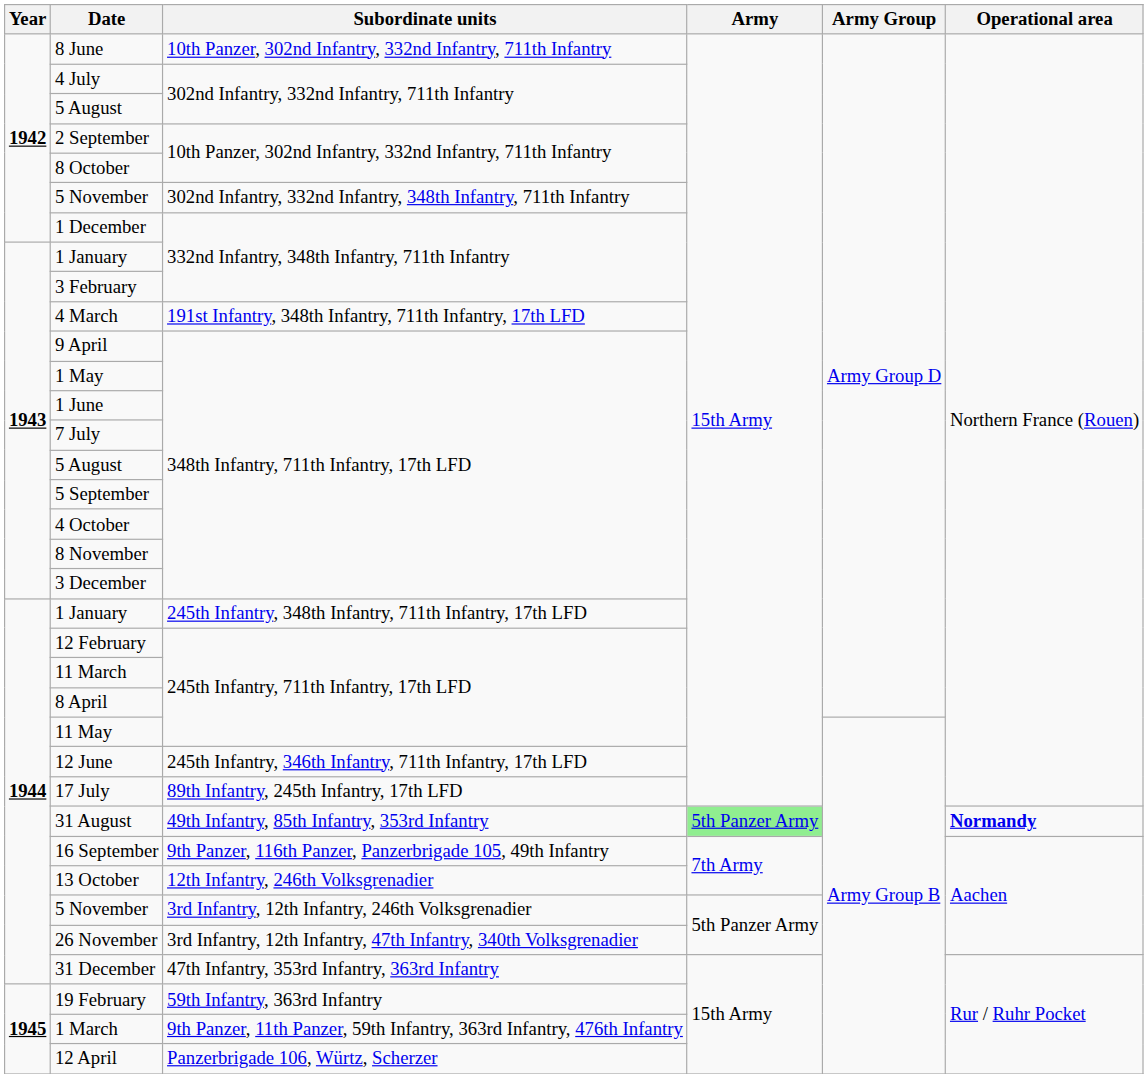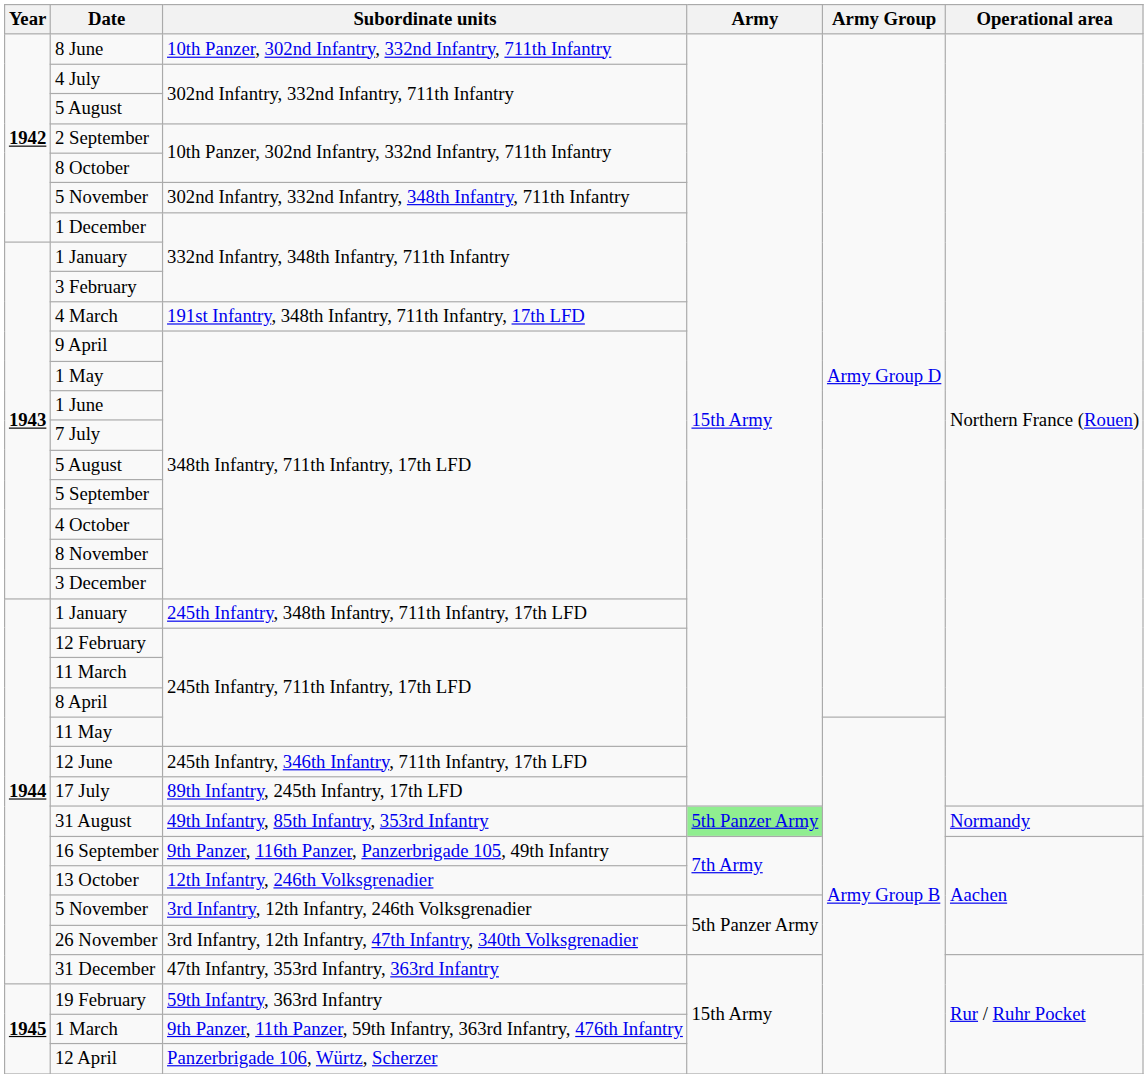 <table class="wikitable">
 <tr>
 <th>Year</th>
 <th>Date</th>
 <th>Subordinate units</th>
 <th>Army</th>
 <th>Army Group</th>
 <th>Operational area</th>
 </tr>
 <tr>
 <td rowspan="7"><strong><u>1942</u></strong></td>
 <td>8 June</td>
 <td><a href='#'>10th Panzer</a>, <a href='#'>302nd Infantry</a>, <a href='#'>332nd Infantry</a>, <a href='#'>711th Infantry</a></td>
 <td rowspan="26"><a href='#'>15th Army</a></td>
 <td rowspan="23"><a href='#'>Army Group D</a></td>
 <td rowspan="26">Northern France (<a href='#'>Rouen</a>)</td>
 </tr>
 <tr>
 <td>4 July</td>
 <td rowspan="2">302nd Infantry, 332nd Infantry, 711th Infantry</td>
 </tr>
 <tr>
 <td>5 August</td>
 </tr>
 <tr>
 <td>2 September</td>
 <td rowspan="2">10th Panzer, 302nd Infantry, 332nd Infantry, 711th Infantry</td>
 </tr>
 <tr>
 <td>8 October</td>
 </tr>
 <tr>
 <td>5 November</td>
 <td>302nd Infantry, 332nd Infantry, <a href='#'>348th Infantry</a>, 711th Infantry</td>
 </tr>
 <tr>
 <td>1 December</td>
 <td rowspan="3">332nd Infantry, 348th Infantry, 711th Infantry</td>
 </tr>
 <tr>
 <td rowspan="12"><strong><u>1943</u></strong></td>
 <td>1 January</td>
 </tr>
 <tr>
 <td>3 February</td>
 </tr>
 <tr>
 <td>4 March</td>
 <td><a href='#'>191st Infantry</a>, 348th Infantry, 711th Infantry, <a href='#'>17th LFD</a></td>
 </tr>
 <tr>
 <td>9 April</td>
 <td rowspan="9">348th Infantry, 711th Infantry, 17th LFD</td>
 </tr>
 <tr>
 <td>1 May</td>
 </tr>
 <tr>
 <td>1 June</td>
 </tr>
 <tr>
 <td>7 July</td>
 </tr>
 <tr>
 <td>5 August</td>
 </tr>
 <tr>
 <td>5 September</td>
 </tr>
 <tr>
 <td>4 October</td>
 </tr>
 <tr>
 <td>8 November</td>
 </tr>
 <tr>
 <td>3 December</td>
 </tr>
 <tr>
 <td rowspan="13"><strong><u>1944</u></strong></td>
 <td>1 January</td>
 <td><a href='#'>245th Infantry</a>, 348th Infantry, 711th Infantry, 17th LFD</td>
 </tr>
 <tr>
 <td>12 February</td>
 <td rowspan="4">245th Infantry, 711th Infantry, 17th LFD</td>
 </tr>
 <tr>
 <td>11 March</td>
 </tr>
 <tr>
 <td>8 April</td>
 </tr>
 <tr>
 <td>11 May</td>
 <td rowspan="12"><a href='#'>Army Group B</a></td>
 </tr>
 <tr>
 <td>12 June</td>
 <td>245th Infantry, <a href='#'>346th Infantry</a>, 711th Infantry, 17th LFD</td>
 </tr>
 <tr>
 <td>17 July</td>
 <td><a href='#'>89th Infantry</a>, 245th Infantry, 17th LFD</td>
 </tr>
 <tr>
 <td>31 August</td>
 <td><a href='#'>49th Infantry</a>, <a href='#'>85th Infantry</a>, <a href='#'>353rd Infantry</a></td>
 <td style="background: lightgreen;"><a href='#'>5th Panzer Army</a></td>
-<td><strong><a href='#'>Normandy</a></strong></td>
+<td><a href='#'>Normandy</a></td>
 </tr>
 <tr>
 <td>16 September</td>
 <td><a href='#'>9th Panzer</a>, <a href='#'>116th Panzer</a>, <a href='#'>Panzerbrigade 105</a>, 49th Infantry</td>
 <td rowspan="2"><a href='#'>7th Army</a></td>
 <td rowspan="4"><a href='#'>Aachen</a></td>
 </tr>
 <tr>
 <td>13 October</td>
 <td><a href='#'>12th Infantry</a>, <a href='#'>246th Volksgrenadier</a></td>
 </tr>
 <tr>
 <td>5 November</td>
 <td><a href='#'>3rd Infantry</a>, 12th Infantry, 246th Volksgrenadier</td>
 <td rowspan="2">5th Panzer Army</td>
 </tr>
 <tr>
 <td>26 November</td>
 <td>3rd Infantry, 12th Infantry, <a href='#'>47th Infantry</a>, <a href='#'>340th Volksgrenadier</a></td>
 </tr>
 <tr>
 <td>31 December</td>
 <td>47th Infantry, 353rd Infantry, <a href='#'>363rd Infantry</a></td>
 <td rowspan="4">15th Army</td>
 <td rowspan="4"><a href='#'>Rur</a> / <a href='#'>Ruhr Pocket</a></td>
 </tr>
 <tr>
 <td rowspan="3"><strong><u>1945</u></strong></td>
 <td>19 February</td>
 <td><a href='#'>59th Infantry</a>, 363rd Infantry</td>
 </tr>
 <tr>
 <td>1 March</td>
 <td><a href='#'>9th Panzer</a>, <a href='#'>11th Panzer</a>, 59th Infantry, 363rd Infantry, <a href='#'>476th Infantry</a></td>
 </tr>
 <tr>
 <td>12 April</td>
 <td><a href='#'>Panzerbrigade 106</a>, <a href='#'>Würtz</a>, <a href='#'>Scherzer</a></td>
 </tr>
 </table>
